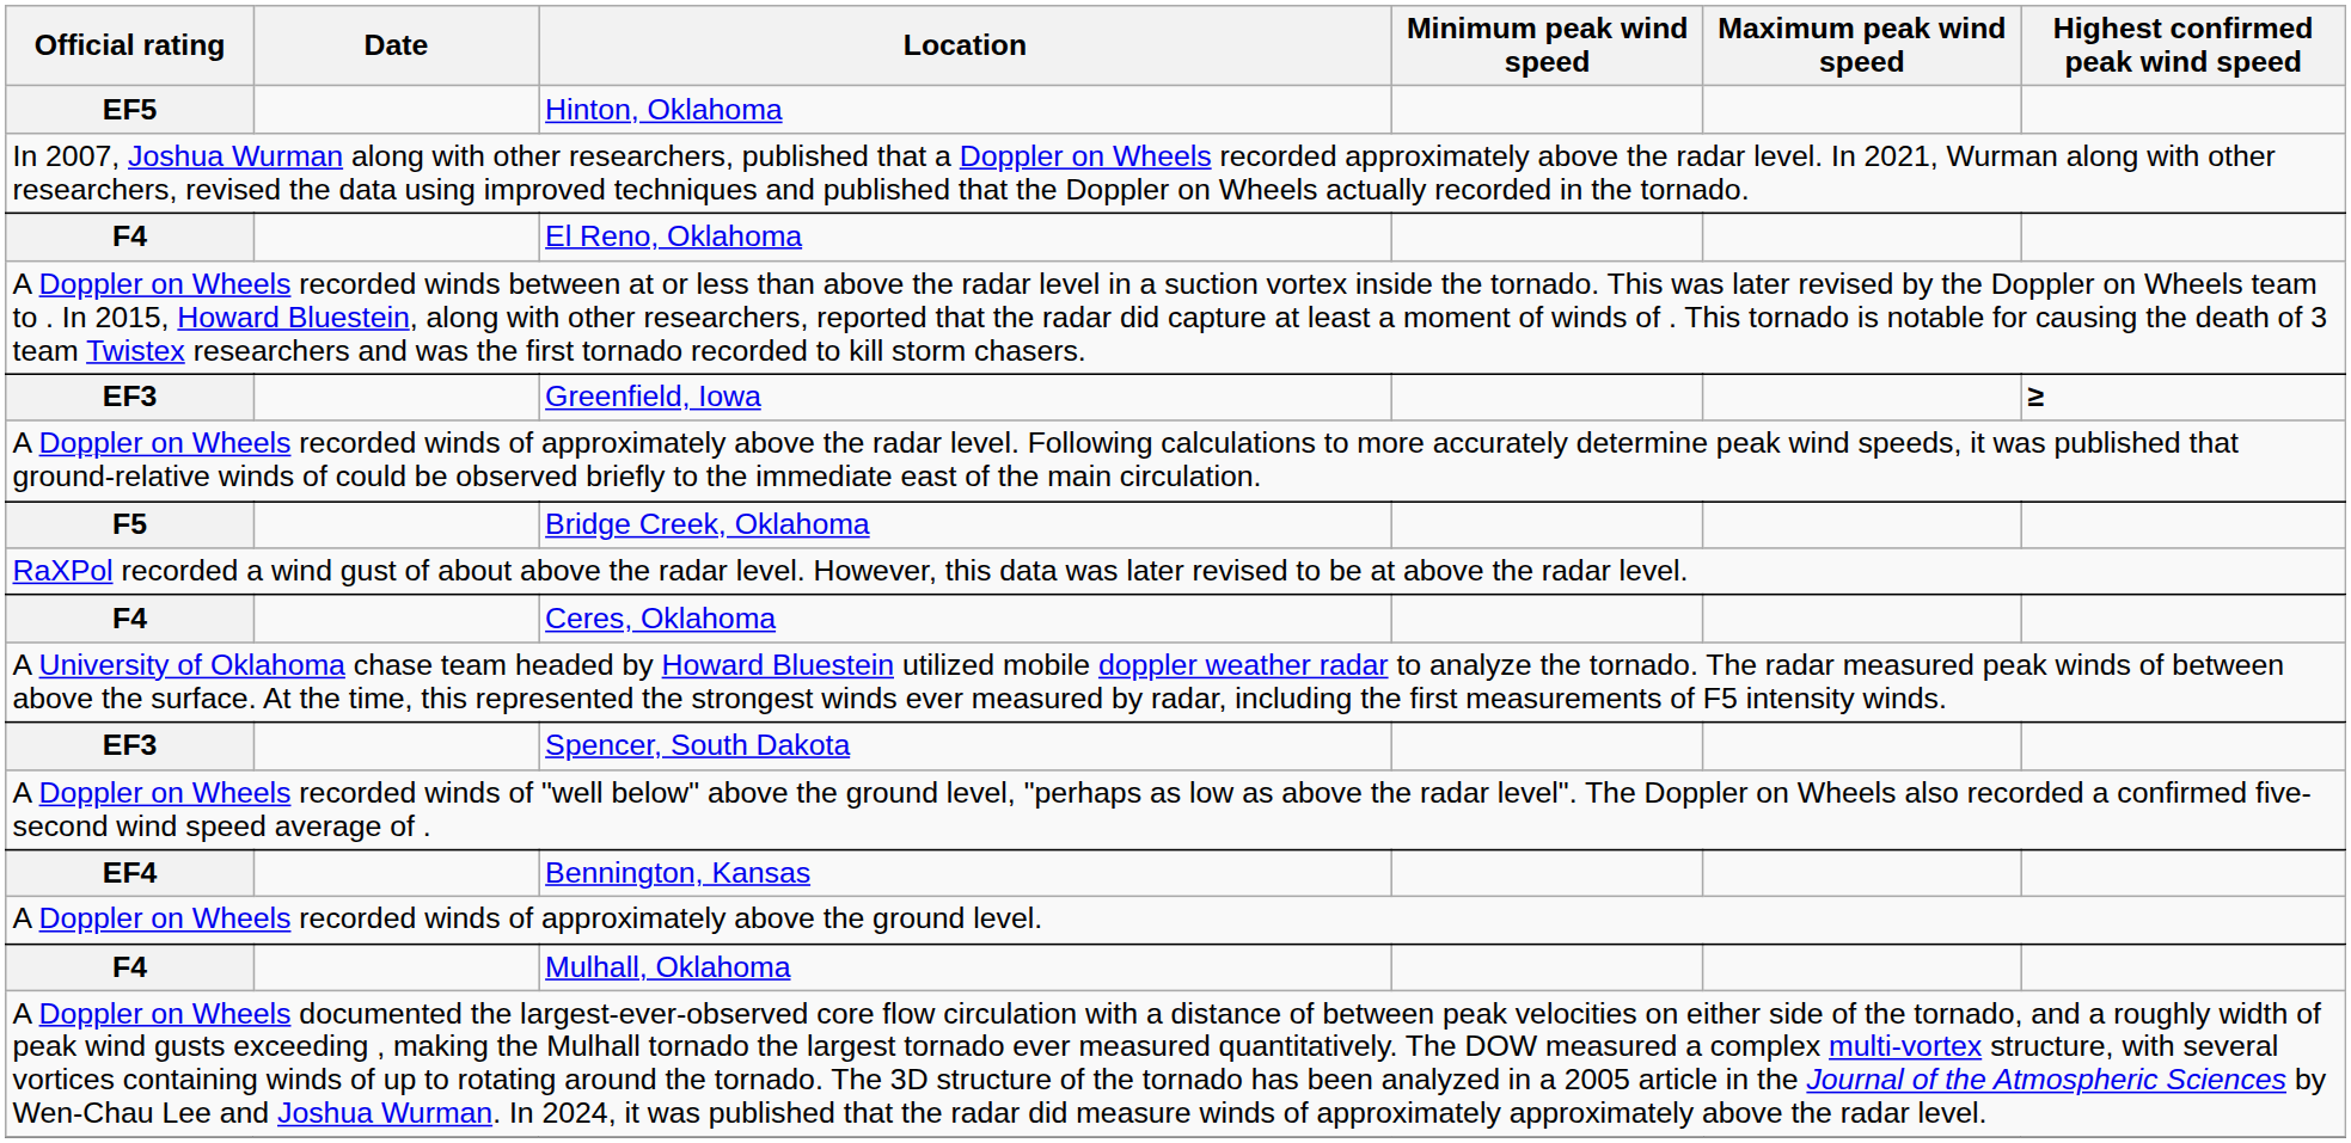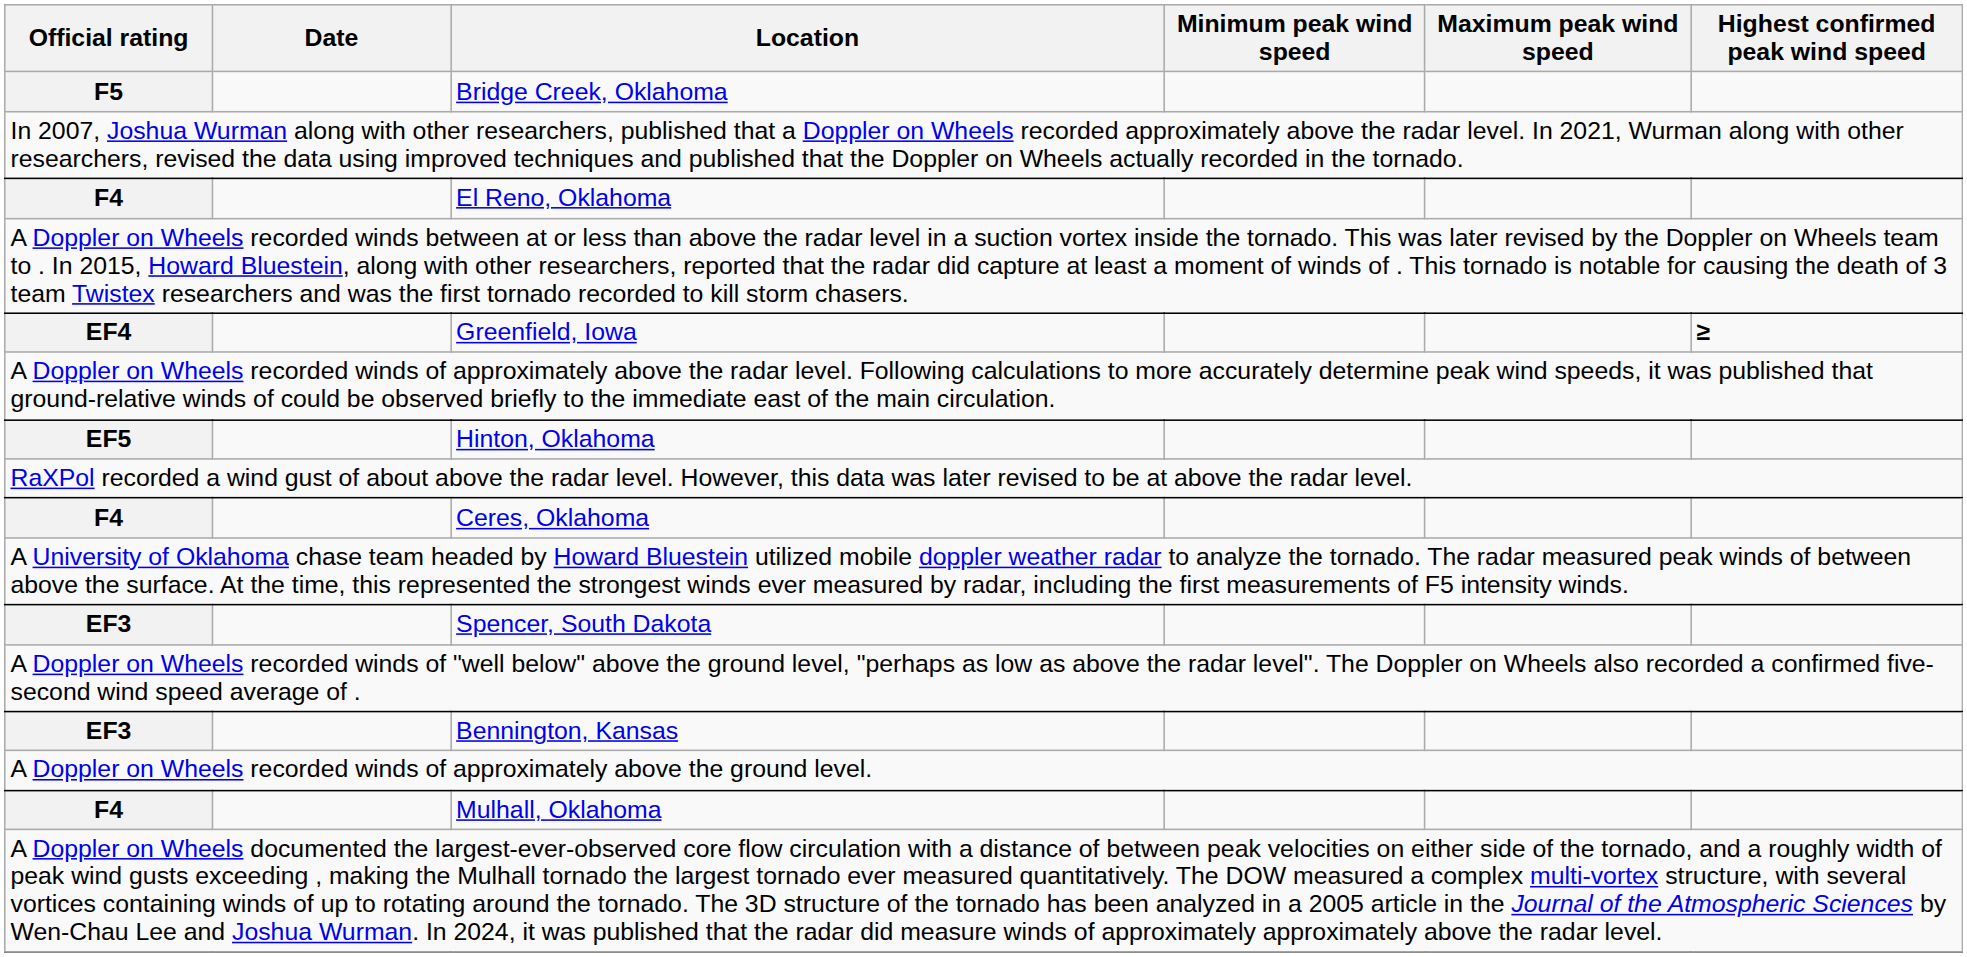 <table class="wikitable sortable" style="width:100%;">
 <tr>
 <th scope="col" style="width:4%;" class="unsortable">Official rating</th>
 <th scope="col" style="width:5%;">Date</th>
 <th scope="col" style="width:15%;" class="unsortable">Location</th>
 <th scope="col" style="width:5%;">Minimum peak wind speed</th>
 <th scope="col" style="width:5%;">Maximum peak wind speed</th>
 <th scope="col" style="width:5%;">Highest confirmed peak wind speed</th>
 </tr>
 <tr>
-<th style="background-color:#">EF5</th>
+<th style="background-color:#">F5</th>
 <td></td>
-<td><a href='#'>Hinton, Oklahoma</a></td>
+<td><a href='#'>Bridge Creek, Oklahoma</a></td>
 <td></td>
 <td></td>
 <td><strong></strong></td>
 </tr>
 <tr class="expand-child">
 <td colspan="6" style=" border-bottom: 1px solid black;">In 2007, <a href='#'>Joshua Wurman</a> along with other researchers, published that a <a href='#'>Doppler on Wheels</a> recorded  approximately  above the radar level. In 2021, Wurman along with other researchers, revised the data using improved techniques and published that the Doppler on Wheels actually recorded  in the tornado.</td>
 </tr>
 <tr>
 <th style="background-color:#">F4</th>
 <td></td>
 <td><a href='#'>El Reno, Oklahoma</a></td>
 <td></td>
 <td></td>
 <td><strong></strong></td>
 </tr>
 <tr class="expand-child">
 <td colspan="6" style=" border-bottom: 1px solid black;">A <a href='#'>Doppler on Wheels</a> recorded winds between  at or less than  above the radar level in a suction vortex inside the tornado. This was later revised by the Doppler on Wheels team to . In 2015, <a href='#'>Howard Bluestein</a>, along with other researchers, reported that the radar did capture at least a moment of winds of . This tornado is notable for causing the death of 3 team <a href='#'>Twistex</a> researchers and was the first tornado recorded to kill storm chasers.</td>
 </tr>
 <tr>
-<th style="background-color:#">EF3</th>
+<th style="background-color:#">EF4</th>
 <td></td>
 <td><a href='#'>Greenfield, Iowa</a></td>
 <td></td>
 <td></td>
 <td><strong>≥</strong></td>
 </tr>
 <tr class="expand-child">
 <td colspan="6" style=" border-bottom: 1px solid black;">A <a href='#'>Doppler on Wheels</a> recorded winds of  approximately  above the radar level. Following calculations to more accurately determine peak wind speeds, it was published that ground-relative winds of  could be observed briefly to the immediate east of the main circulation.</td>
 </tr>
 <tr>
-<th style="background-color:#">F5</th>
+<th style="background-color:#">EF5</th>
 <td></td>
-<td><a href='#'>Bridge Creek, Oklahoma</a></td>
+<td><a href='#'>Hinton, Oklahoma</a></td>
 <td></td>
 <td></td>
 <td><strong></strong></td>
 </tr>
 <tr class="expand-child">
 <td colspan="6" style=" border-bottom: 1px solid black;"><a href='#'>RaXPol</a> recorded a wind gust of  about  above the radar level. However, this data was later revised to be  at  above the radar level.</td>
 </tr>
 <tr>
 <th style="background-color:#">F4</th>
 <td></td>
 <td><a href='#'>Ceres, Oklahoma</a></td>
 <td></td>
 <td></td>
 <td><strong></strong></td>
 </tr>
 <tr class="expand-child">
 <td colspan="6" style=" border-bottom: 1px solid black;">A <a href='#'>University of Oklahoma</a> chase team headed by <a href='#'>Howard Bluestein</a> utilized mobile <a href='#'>doppler weather radar</a> to analyze the tornado. The radar measured peak winds of  between  above the surface. At the time, this represented the strongest winds ever measured by radar, including the first measurements of F5 intensity winds.</td>
 </tr>
 <tr>
 <th style="background-color:#">EF3</th>
 <td></td>
 <td><a href='#'>Spencer, South Dakota</a></td>
 <td></td>
 <td></td>
 <td><strong></strong></td>
 </tr>
 <tr class="expand-child">
 <td colspan="6" style=" border-bottom: 1px solid black;">A <a href='#'>Doppler on Wheels</a> recorded winds of  "well below"  above the ground level, "perhaps as low as  above the radar level". The Doppler on Wheels also recorded a confirmed five-second wind speed average of .</td>
 </tr>
 <tr>
-<th style="background-color:#">EF4</th>
+<th style="background-color:#">EF3</th>
 <td></td>
 <td><a href='#'>Bennington, Kansas</a></td>
 <td></td>
 <td></td>
 <td><strong></strong></td>
 </tr>
 <tr class="expand-child">
 <td colspan="6" style=" border-bottom: 1px solid black;">A <a href='#'>Doppler on Wheels</a> recorded winds of  approximately  above the ground level.</td>
 </tr>
 <tr>
 <th style="background-color:#">F4</th>
 <td></td>
 <td><a href='#'>Mulhall, Oklahoma</a></td>
 <td></td>
 <td></td>
 <td><strong></strong></td>
 </tr>
 <tr class="expand-child">
 <td colspan="6" style=" border-bottom: 1px solid black;">A <a href='#'>Doppler on Wheels</a> documented the largest-ever-observed core flow circulation with a distance of  between peak velocities on either side of the tornado, and a roughly  width of peak wind gusts exceeding , making the Mulhall tornado the largest tornado ever measured quantitatively. The DOW measured a complex <a href='#'>multi-vortex</a> structure, with several vortices containing winds of up to  rotating around the tornado. The 3D structure of the tornado has been analyzed in a 2005 article in the <em><a href='#'>Journal of the Atmospheric Sciences</a></em> by Wen-Chau Lee and <a href='#'>Joshua Wurman</a>. In 2024, it was published that the radar did measure winds of approximately  approximately  above the radar level.</td>
 </tr>
 <tr>
 </tr>
 </table>
